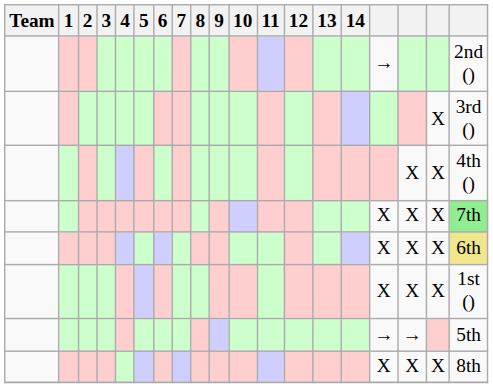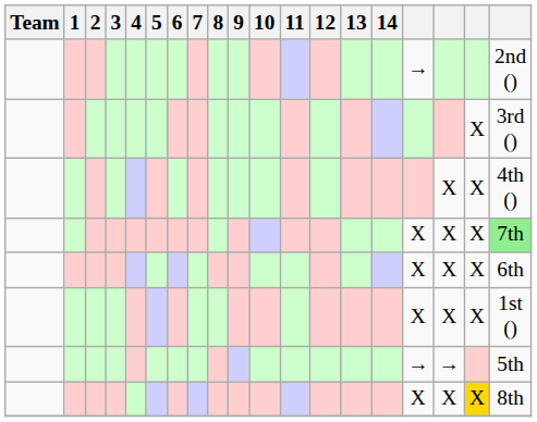 <table class="wikitable" style="font-size:85%; text-align:center;">
 <tr>
 <th>Team</th>
 <th>1</th>
 <th>2</th>
 <th>3</th>
 <th>4</th>
 <th>5</th>
 <th>6</th>
 <th>7</th>
 <th>8</th>
 <th>9</th>
 <th>10</th>
 <th>11</th>
 <th>12</th>
 <th>13</th>
 <th>14</th>
 <th></th>
 <th></th>
 <th></th>
 <th></th>
 </tr>
 <tr>
 <td align="left"></td>
 <td style="background:#ffcfcf;"></td>
 <td style="background:#ffcfcf;"></td>
 <td style="background:#cfc;"><strong></strong></td>
 <td style="background:#cfc;"><strong></strong></td>
 <td style="background:#cfc;"><strong></strong></td>
 <td style="background:#cfc;"><strong></strong></td>
 <td style="background:#ffcfcf;"></td>
 <td style="background:#cfc;"><strong></strong></td>
 <td style="background:#cfc;"><strong></strong></td>
 <td style="background:#ffcfcf;"></td>
 <td style="background:#CFCFFF;"><em></em></td>
 <td style="background:#ffcfcf;"></td>
 <td style="background:#cfc;"><strong></strong></td>
 <td style="background:#cfc;"><strong></strong></td>
 <td>→</td>
 <td style="background:#cfc;"><strong></strong></td>
 <td style="background:#cfc;"><strong></strong></td>
 <td>2nd<br>()</td>
 </tr>
 <tr>
 <td align="left"></td>
 <td style="background:#ffcfcf;"></td>
 <td style="background:#cfc;"><strong></strong></td>
 <td style="background:#cfc;"><strong></strong></td>
 <td style="background:#cfc;"><strong></strong></td>
 <td style="background:#cfc;"><strong></strong></td>
 <td style="background:#ffcfcf;"></td>
 <td style="background:#ffcfcf;"></td>
 <td style="background:#cfc;"><strong></strong></td>
 <td style="background:#cfc;"><strong></strong></td>
 <td style="background:#cfc;"><strong></strong></td>
 <td style="background:#ffcfcf;"></td>
 <td style="background:#cfc;"><strong></strong></td>
 <td style="background:#ffcfcf;"></td>
 <td style="background:#CFCFFF;"><em></em></td>
 <td style="background:#cfc;"><strong></strong></td>
 <td style="background:#ffcfcf;"></td>
 <td>X</td>
 <td>3rd<br>()</td>
 </tr>
 <tr>
 <td align="left"></td>
 <td style="background:#cfc;"><strong></strong></td>
 <td style="background:#ffcfcf;"></td>
 <td style="background:#cfc;"><strong></strong></td>
 <td style="background:#CFCFFF;"><em></em></td>
 <td style="background:#ffcfcf;"></td>
 <td style="background:#cfc;"><strong></strong></td>
 <td style="background:#ffcfcf;"></td>
 <td style="background:#cfc;"><strong></strong></td>
 <td style="background:#cfc;"><strong></strong></td>
 <td style="background:#cfc;"><strong></strong></td>
 <td style="background:#ffcfcf;"></td>
 <td style="background:#cfc;"><strong></strong></td>
 <td style="background:#ffcfcf;"></td>
 <td style="background:#ffcfcf;"></td>
 <td style="background:#ffcfcf;"></td>
 <td>X</td>
 <td>X</td>
 <td>4th<br>()</td>
 </tr>
 <tr>
 <td align="left"></td>
 <td style="background:#cfc;"><strong></strong></td>
 <td style="background:#ffcfcf;"></td>
 <td style="background:#ffcfcf;"></td>
 <td style="background:#ffcfcf;"></td>
 <td style="background:#ffcfcf;"></td>
 <td style="background:#ffcfcf;"></td>
 <td style="background:#ffcfcf;"></td>
 <td style="background:#cfc;"><strong></strong></td>
 <td style="background:#ffcfcf;"></td>
 <td style="background:#CFCFFF;"><em></em></td>
 <td style="background:#ffcfcf;"></td>
 <td style="background:#ffcfcf;"></td>
 <td style="background:#cfc;"><strong></strong></td>
 <td style="background:#cfc;"><strong></strong></td>
 <td>X</td>
 <td>X</td>
 <td>X</td>
 <td style="background: lightgreen;">7th</td>
 </tr>
 <tr>
 <td align="left"></td>
 <td style="background:#ffcfcf;"></td>
 <td style="background:#ffcfcf;"></td>
 <td style="background:#ffcfcf;"></td>
 <td style="background:#CFCFFF;"><em></em></td>
 <td style="background:#cfc;"><strong></strong></td>
 <td style="background:#CFCFFF;"><em></em></td>
 <td style="background:#cfc;"><strong></strong></td>
 <td style="background:#ffcfcf;"></td>
 <td style="background:#ffcfcf;"></td>
 <td style="background:#cfc;"><strong></strong></td>
 <td style="background:#cfc;"><strong></strong></td>
 <td style="background:#ffcfcf;"></td>
 <td style="background:#cfc;"><strong></strong></td>
 <td style="background:#CFCFFF;"><em></em></td>
 <td>X</td>
 <td>X</td>
 <td>X</td>
-<td style="background: khaki;">6th</td>
+<td>6th</td>
 </tr>
 <tr>
 <td align="left"></td>
 <td style="background:#cfc;"><strong></strong></td>
 <td style="background:#cfc;"><strong></strong></td>
 <td style="background:#cfc;"><strong></strong></td>
 <td style="background:#ffcfcf;"></td>
 <td style="background:#CFCFFF;"><em></em></td>
 <td style="background:#ffcfcf;"></td>
 <td style="background:#cfc;"><strong></strong></td>
 <td style="background:#cfc;"><strong></strong></td>
 <td style="background:#ffcfcf;"></td>
 <td style="background:#ffcfcf;"></td>
 <td style="background:#cfc;"><strong></strong></td>
 <td style="background:#ffcfcf;"></td>
 <td style="background:#ffcfcf;"></td>
 <td style="background:#ffcfcf;"></td>
 <td>X</td>
 <td>X</td>
 <td>X</td>
 <td>1st<br>()</td>
 </tr>
 <tr>
 <td align="left"></td>
 <td style="background:#cfc;"><strong></strong></td>
 <td style="background:#cfc;"><strong></strong></td>
 <td style="background:#cfc;"><strong></strong></td>
 <td style="background:#ffcfcf;"></td>
 <td style="background:#cfc;"><strong></strong></td>
 <td style="background:#cfc;"><strong></strong></td>
 <td style="background:#cfc;"><strong></strong></td>
 <td style="background:#ffcfcf;"></td>
 <td style="background:#CFCFFF;"><em></em></td>
 <td style="background:#cfc;"><strong></strong></td>
 <td style="background:#cfc;"><strong></strong></td>
 <td style="background:#cfc;"><strong></strong></td>
 <td style="background:#cfc;"><strong></strong></td>
 <td style="background:#cfc;"><strong></strong></td>
 <td>→</td>
 <td>→</td>
 <td style="background:#ffcfcf;"></td>
 <td>5th</td>
 </tr>
 <tr>
 <td align="left"></td>
 <td style="background:#ffcfcf;"></td>
 <td style="background:#ffcfcf;"></td>
 <td style="background:#ffcfcf;"></td>
 <td style="background:#cfc;"><strong></strong></td>
 <td style="background:#CFCFFF;"><em></em></td>
 <td style="background:#ffcfcf;"></td>
 <td style="background:#CFCFFF;"><em></em></td>
 <td style="background:#ffcfcf;"></td>
 <td style="background:#ffcfcf;"></td>
 <td style="background:#ffcfcf;"></td>
 <td style="background:#CFCFFF;"><em></em></td>
 <td style="background:#ffcfcf;"></td>
 <td style="background:#ffcfcf;"></td>
 <td style="background:#ffcfcf;"></td>
 <td>X</td>
 <td>X</td>
-<td>X</td>
+<td style="background: gold;">X</td>
 <td>8th</td>
 </tr>
 <tr>
 </tr>
 </table>
